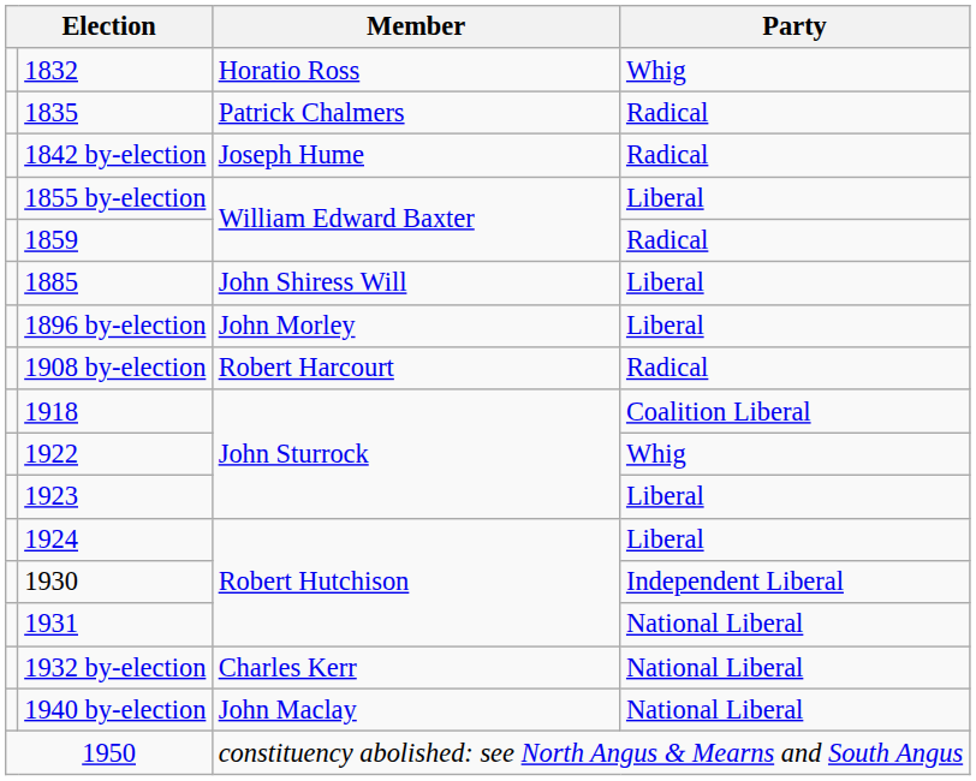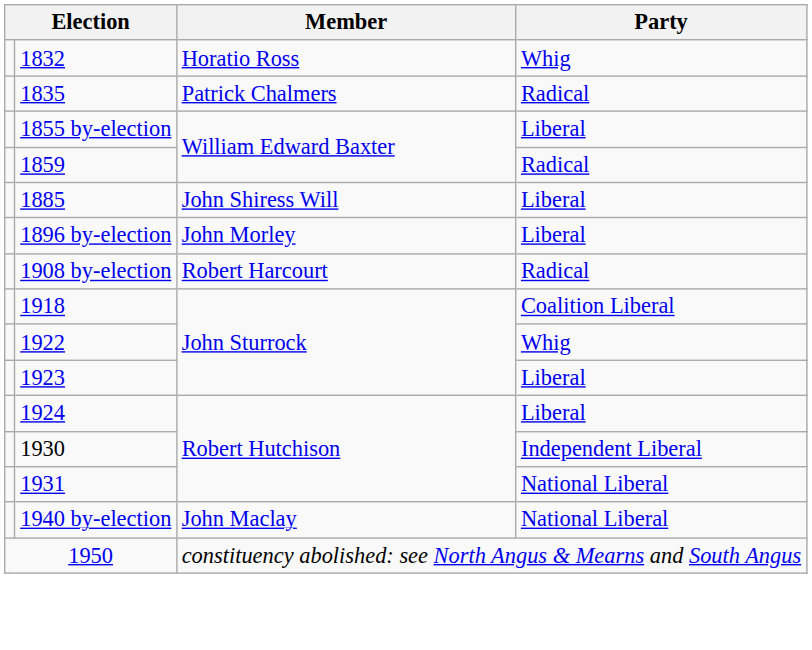 <table class="wikitable">
 <tr>
 <th colspan="2">Election</th>
 <th>Member</th>
 <th>Party</th>
 </tr>
 <tr>
 <td style="color:inherit;background-color: "></td>
 <td><a href='#'>1832</a></td>
 <td><a href='#'>Horatio Ross</a></td>
 <td><a href='#'>Whig</a></td>
 </tr>
 <tr>
 <td style="color:inherit;background-color: "></td>
 <td><a href='#'>1835</a></td>
 <td><a href='#'>Patrick Chalmers</a></td>
-<td><a href='#'>Radical</a></td>
-</tr>
-<tr>
-<td style="color:inherit;background-color: "></td>
-<td><a href='#'>1842 by-election</a></td>
-<td><a href='#'>Joseph Hume</a></td>
 <td><a href='#'>Radical</a></td>
 </tr>
 <tr>
 <td style="color:inherit;background-color: "></td>
 <td><a href='#'>1855 by-election</a></td>
 <td rowspan="2"><a href='#'>William Edward Baxter</a></td>
 <td><a href='#'>Liberal</a></td>
 </tr>
 <tr>
 <td style="color:inherit;background-color: "></td>
 <td><a href='#'>1859</a></td>
 <td><a href='#'>Radical</a></td>
 </tr>
 <tr>
 <td style="color:inherit;background-color: "></td>
 <td><a href='#'>1885</a></td>
 <td><a href='#'>John Shiress Will</a></td>
 <td><a href='#'>Liberal</a></td>
 </tr>
 <tr>
 <td style="color:inherit;background-color: "></td>
 <td><a href='#'>1896 by-election</a></td>
 <td><a href='#'>John Morley</a></td>
 <td><a href='#'>Liberal</a></td>
 </tr>
 <tr>
 <td style="color:inherit;background-color: "></td>
 <td><a href='#'>1908 by-election</a></td>
 <td><a href='#'>Robert Harcourt</a></td>
 <td><a href='#'>Radical</a></td>
 </tr>
 <tr>
 <td style="color:inherit;background-color: "></td>
 <td><a href='#'>1918</a></td>
 <td rowspan="3"><a href='#'>John Sturrock</a></td>
 <td><a href='#'>Coalition Liberal</a></td>
 </tr>
 <tr>
 <td style="color:inherit;background-color: "></td>
 <td><a href='#'>1922</a></td>
 <td><a href='#'>Whig</a></td>
 </tr>
 <tr>
 <td style="color:inherit;background-color: "></td>
 <td><a href='#'>1923</a></td>
 <td><a href='#'>Liberal</a></td>
 </tr>
 <tr>
 <td style="color:inherit;background-color: "></td>
 <td><a href='#'>1924</a></td>
 <td rowspan="3"><a href='#'>Robert Hutchison</a></td>
 <td><a href='#'>Liberal</a></td>
 </tr>
 <tr>
 <td style="color:inherit;background-color: "></td>
 <td>1930</td>
 <td><a href='#'>Independent Liberal</a></td>
 </tr>
 <tr>
 <td style="color:inherit;background-color: "></td>
 <td><a href='#'>1931</a></td>
 <td><a href='#'>National Liberal</a></td>
 </tr>
 <tr>
 <td style="color:inherit;background-color: "></td>
-<td><a href='#'>1932 by-election</a></td>
-<td><a href='#'>Charles Kerr</a></td>
-<td><a href='#'>National Liberal</a></td>
-</tr>
-<tr>
-<td style="color:inherit;background-color: "></td>
 <td><a href='#'>1940 by-election</a></td>
 <td><a href='#'>John Maclay</a></td>
 <td><a href='#'>National Liberal</a></td>
 </tr>
 <tr>
 <td colspan="2" align="center"><a href='#'>1950</a></td>
 <td colspan="2"><em>constituency abolished: see <a href='#'>North Angus & Mearns</a> and <a href='#'>South Angus</a></em></td>
 </tr>
 </table>
